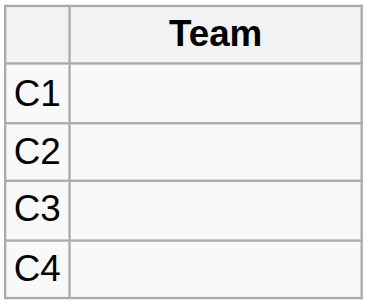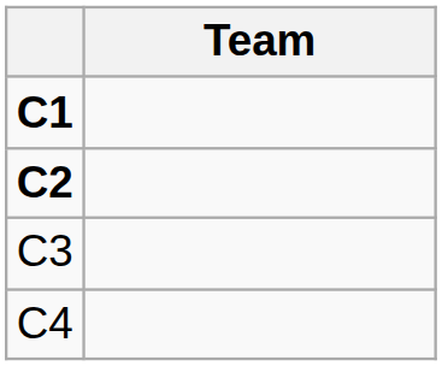 <table class="wikitable" style="display:inline-table;">
 <tr>
 <th></th>
 <th width=120>Team</th>
 </tr>
 <tr>
-<td align=center>C1</td>
+<td align=center><strong>C1</strong></td>
 <td></td>
 </tr>
 <tr>
-<td align=center>C2</td>
+<td align=center><strong>C2</strong></td>
 <td></td>
 </tr>
 <tr>
 <td align=center>C3</td>
 <td></td>
 </tr>
 <tr>
 <td align=center>C4</td>
 <td></td>
 </tr>
 </table>
